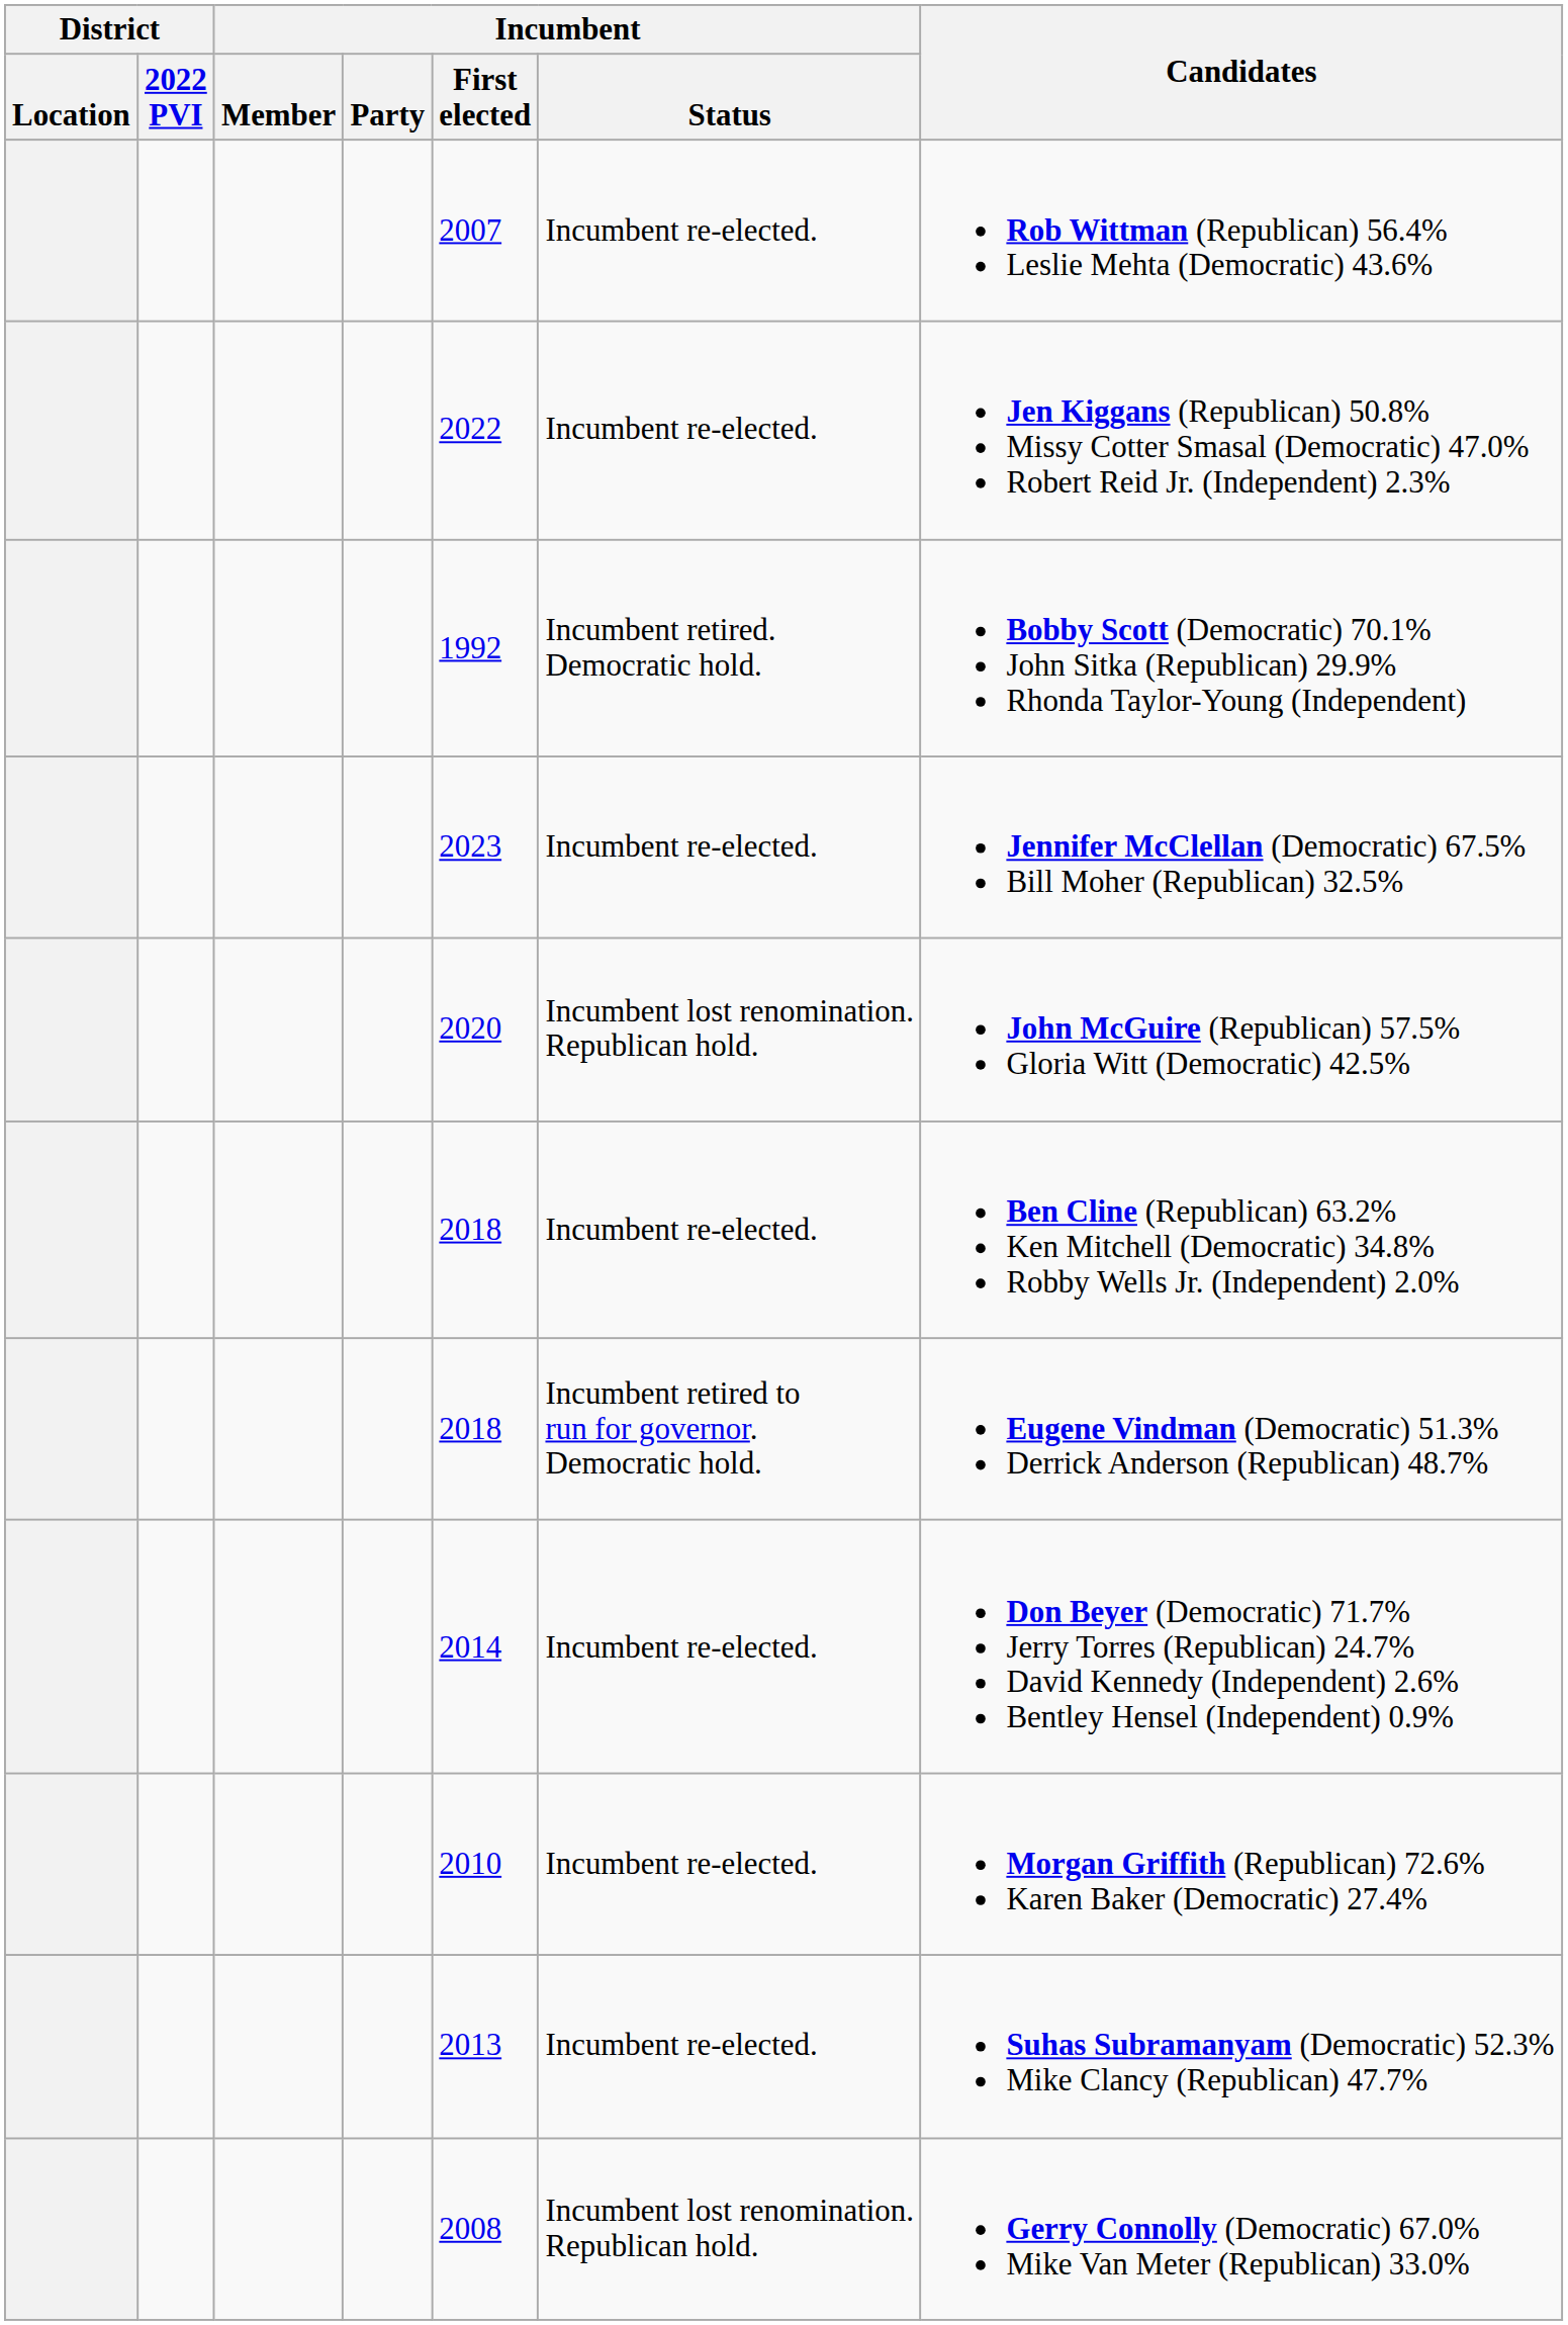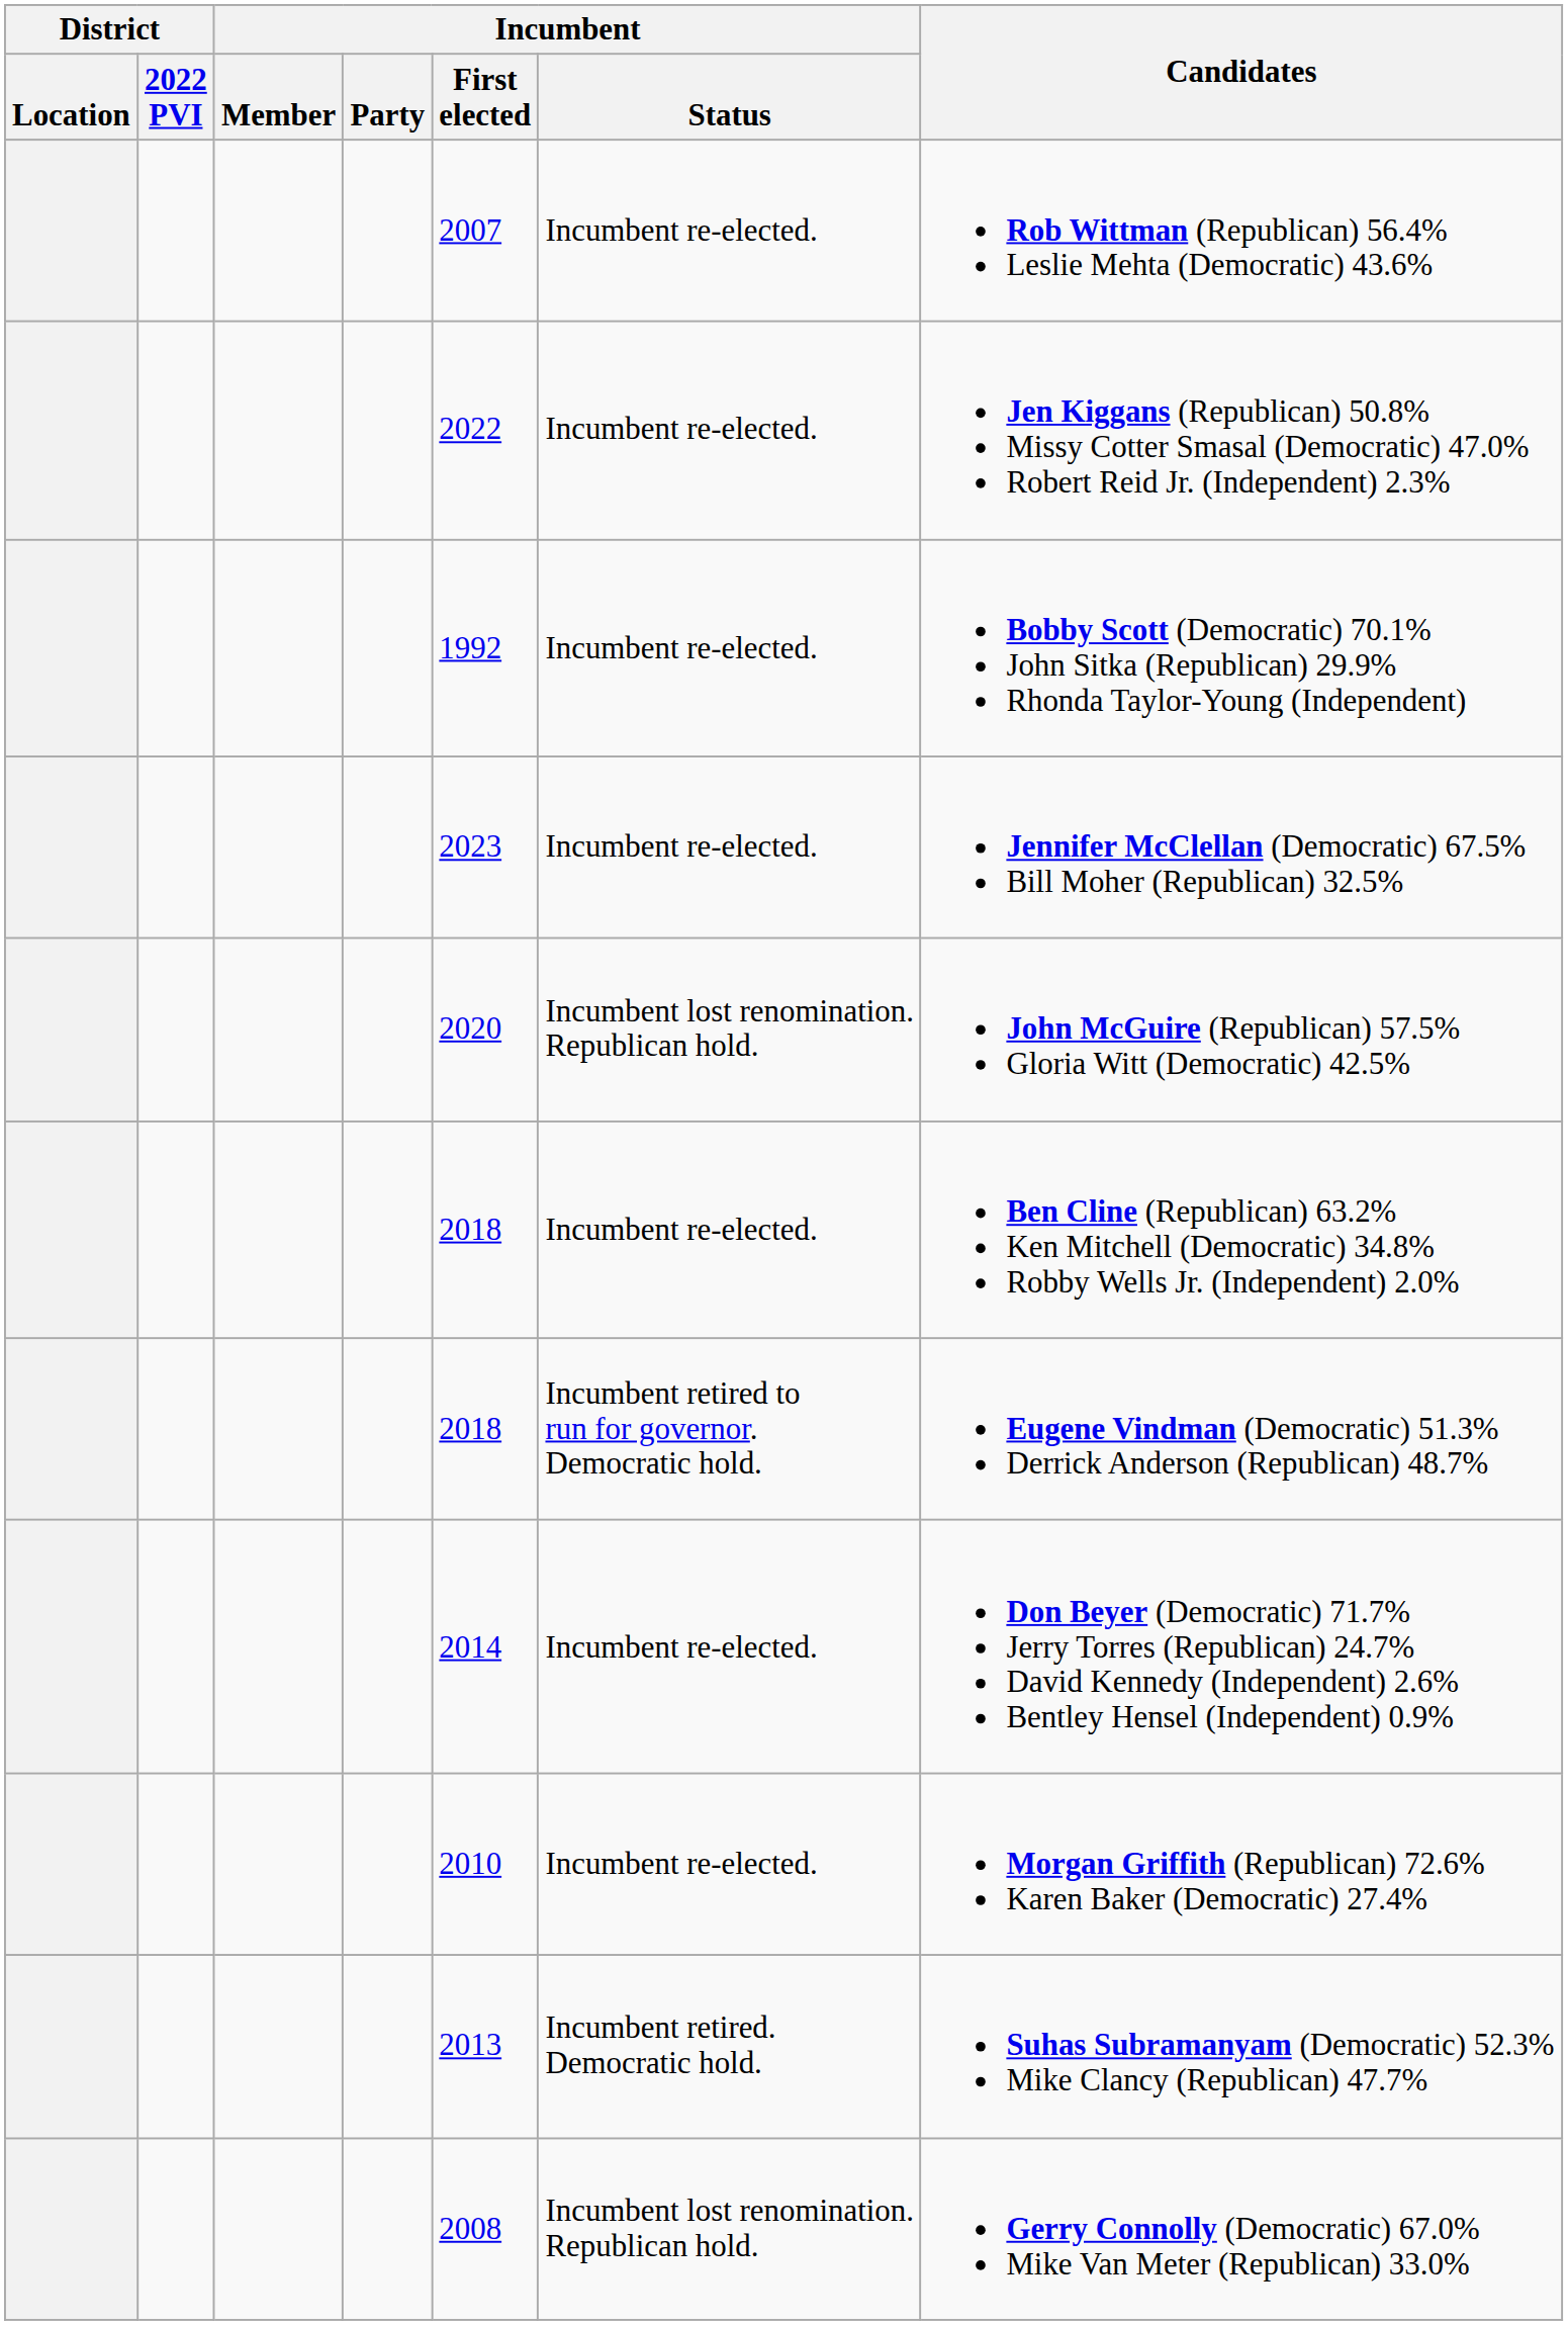 <table class="wikitable sortable">
 <tr>
 <th colspan=2>District</th>
 <th colspan=4>Incumbent</th>
 <th rowspan=2 class="unsortable">Candidates</th>
 </tr>
 <tr valign=bottom>
 <th>Location</th>
 <th><a href='#'>2022<br>PVI</a></th>
 <th>Member</th>
 <th>Party</th>
 <th>First<br>elected</th>
 <th>Status</th>
 </tr>
 <tr>
 <th></th>
 <td></td>
 <td></td>
 <td></td>
 <td><a href='#'>2007 </a></td>
 <td>Incumbent re-elected.</td>
 <td nowrap><br><ul><li> <strong><a href='#'>Rob Wittman</a></strong> (Republican) 56.4%</li><li>Leslie Mehta (Democratic) 43.6%</li></ul></td>
 </tr>
 <tr>
 <th></th>
 <td></td>
 <td></td>
 <td></td>
 <td><a href='#'>2022</a></td>
 <td>Incumbent re-elected.</td>
 <td nowrap><br><ul><li> <strong><a href='#'>Jen Kiggans</a></strong> (Republican) 50.8%</li><li>Missy Cotter Smasal (Democratic) 47.0%</li><li>Robert Reid Jr. (Independent) 2.3%</li></ul></td>
 </tr>
 <tr>
 <th></th>
 <td></td>
 <td></td>
 <td></td>
 <td><a href='#'>1992</a></td>
-<td>Incumbent retired.<br>Democratic hold.</td>
+<td>Incumbent re-elected.</td>
 <td nowrap><br><ul><li> <strong><a href='#'>Bobby Scott</a></strong> (Democratic) 70.1%</li><li>John Sitka (Republican) 29.9%</li><li>Rhonda Taylor-Young (Independent)</li></ul></td>
 </tr>
 <tr>
 <th></th>
 <td></td>
 <td></td>
 <td></td>
 <td><a href='#'>2023 </a></td>
 <td>Incumbent re-elected.</td>
 <td nowrap><br><ul><li> <strong><a href='#'>Jennifer McClellan</a></strong> (Democratic) 67.5%</li><li>Bill Moher (Republican) 32.5%</li></ul></td>
 </tr>
 <tr>
 <th></th>
 <td></td>
 <td></td>
 <td></td>
 <td><a href='#'>2020</a></td>
 <td>Incumbent lost renomination.<br>Republican hold.</td>
 <td nowrap><br><ul><li> <strong><a href='#'>John McGuire</a></strong> (Republican) 57.5%</li><li>Gloria Witt (Democratic) 42.5%</li></ul></td>
 </tr>
 <tr>
 <th></th>
 <td></td>
 <td></td>
 <td></td>
 <td><a href='#'>2018</a></td>
 <td>Incumbent re-elected.</td>
 <td nowrap><br><ul><li> <strong><a href='#'>Ben Cline</a></strong> (Republican) 63.2%</li><li>Ken Mitchell (Democratic) 34.8%</li><li>Robby Wells Jr. (Independent) 2.0%</li></ul></td>
 </tr>
 <tr>
 <th></th>
 <td></td>
 <td></td>
 <td></td>
 <td><a href='#'>2018</a></td>
 <td>Incumbent retired to<br><a href='#'>run for governor</a>.<br>Democratic hold.</td>
 <td nowrap><br><ul><li> <strong><a href='#'>Eugene Vindman</a></strong> (Democratic) 51.3%</li><li>Derrick Anderson (Republican) 48.7%</li></ul></td>
 </tr>
 <tr>
 <th></th>
 <td></td>
 <td></td>
 <td></td>
 <td><a href='#'>2014</a></td>
 <td>Incumbent re-elected.</td>
 <td nowrap><br><ul><li> <strong><a href='#'>Don Beyer</a></strong> (Democratic) 71.7%</li><li>Jerry Torres (Republican) 24.7%</li><li>David Kennedy (Independent) 2.6%</li><li>Bentley Hensel (Independent) 0.9%</li></ul></td>
 </tr>
 <tr>
 <th></th>
 <td></td>
 <td></td>
 <td></td>
 <td><a href='#'>2010</a></td>
 <td>Incumbent re-elected.</td>
 <td nowrap><br><ul><li> <strong><a href='#'>Morgan Griffith</a></strong> (Republican) 72.6%</li><li>Karen Baker (Democratic) 27.4%</li></ul></td>
 </tr>
 <tr>
 <th></th>
 <td></td>
 <td></td>
 <td></td>
 <td><a href='#'>2013</a></td>
-<td>Incumbent re-elected.</td>
+<td>Incumbent retired.<br>Democratic hold.</td>
 <td nowrap><br><ul><li> <strong><a href='#'>Suhas Subramanyam</a></strong> (Democratic) 52.3%</li><li>Mike Clancy (Republican) 47.7%</li></ul></td>
 </tr>
 <tr>
 <th></th>
 <td></td>
 <td></td>
 <td></td>
 <td><a href='#'>2008</a></td>
 <td>Incumbent lost renomination.<br>Republican hold.</td>
 <td nowrap><br><ul><li> <strong><a href='#'>Gerry Connolly</a></strong> (Democratic) 67.0%</li><li>Mike Van Meter (Republican) 33.0%</li></ul></td>
 </tr>
 </table>
